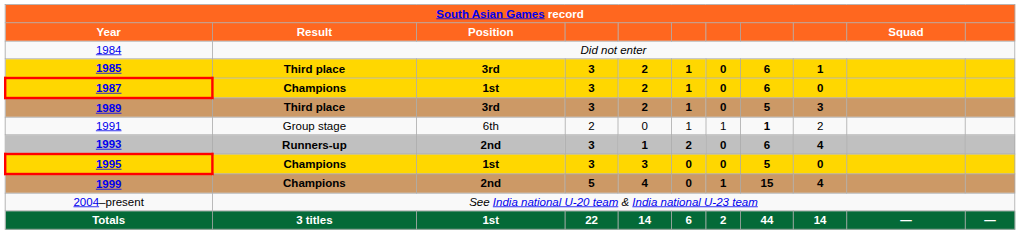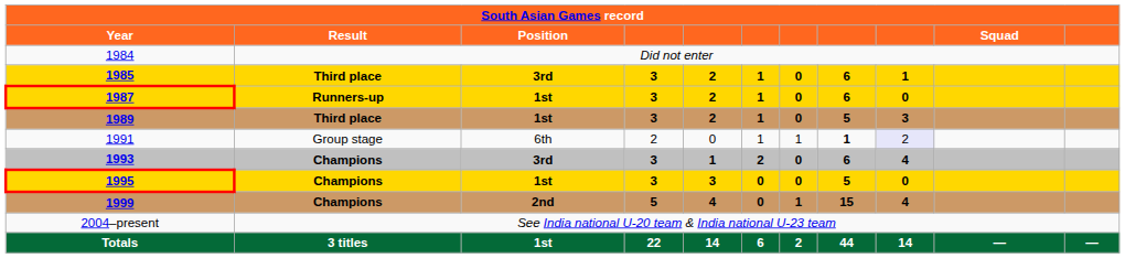 <table class="wikitable" style="font-size:90%; text-align:center;" width="100%" class="wikitable">
 <tr>
 <th colspan=11 style="background:#FF671F; color:white; "><a href='#'>South Asian Games</a> record</th>
 </tr>
 <tr>
 <th style="background:#FF671F; color:white; ">Year</th>
 <th style="background:#FF671F; color:white; ">Result</th>
 <th style="background:#FF671F; color:white; ">Position</th>
 <th style="background:#FF671F; color:white; "></th>
 <th style="background:#FF671F; color:white; "></th>
 <th style="background:#FF671F; color:white; "></th>
 <th style="background:#FF671F; color:white; "></th>
 <th style="background:#FF671F; color:white; "></th>
 <th style="background:#FF671F; color:white; "></th>
 <th style="background:#FF671F; color:white; ">Squad</th>
 <th style="background:#FF671F; color:white; "></th>
 </tr>
 <tr>
 <td> <a href='#'>1984</a></td>
 <td colspan=10><em>Did not enter</em></td>
 </tr>
 <tr style="background:gold;">
 <td> <strong><a href='#'>1985</a></strong></td>
 <td><strong>Third place</strong></td>
 <td><strong>3rd</strong></td>
 <td><strong>3</strong></td>
 <td><strong>2</strong></td>
 <td><strong>1</strong></td>
 <td><strong>0</strong></td>
 <td><strong>6</strong></td>
 <td><strong>1</strong></td>
 <td></td>
 <td></td>
 </tr>
 <tr style="background:gold;">
 <td style="border:3px solid red"> <strong><a href='#'>1987</a></strong></td>
-<td><strong>Champions</strong></td>
+<td><strong>Runners-up</strong></td>
 <td><strong>1st</strong></td>
 <td><strong>3</strong></td>
 <td><strong>2</strong></td>
 <td><strong>1</strong></td>
 <td><strong>0</strong></td>
 <td><strong>6</strong></td>
 <td><strong>0</strong></td>
 <td></td>
 <td></td>
 </tr>
 <tr style="background:#c96">
 <td> <strong><a href='#'>1989</a></strong></td>
 <td><strong>Third place</strong></td>
-<td><strong>3rd</strong></td>
+<td><strong>1st</strong></td>
 <td><strong>3</strong></td>
 <td><strong>2</strong></td>
 <td><strong>1</strong></td>
 <td><strong>0</strong></td>
 <td><strong>5</strong></td>
 <td><strong>3</strong></td>
 <td></td>
 <td></td>
 </tr>
 <tr>
 <td> <a href='#'>1991</a></td>
 <td>Group stage</td>
 <td>6th</td>
 <td>2</td>
 <td>0</td>
 <td>1</td>
 <td>1</td>
 <td><strong>1</strong></td>
-<td>2</td>
+<td style="background: lavender;">2</td>
 <td></td>
 <td></td>
 </tr>
 <tr style="background:silver;">
 <td> <strong><a href='#'>1993</a></strong></td>
-<td><strong>Runners-up</strong></td>
-<td><strong>2nd</strong></td>
+<td><strong>Champions</strong></td>
+<td><strong>3rd</strong></td>
 <td><strong>3</strong></td>
 <td><strong>1</strong></td>
 <td><strong>2</strong></td>
 <td><strong>0</strong></td>
 <td><strong>6</strong></td>
 <td><strong>4</strong></td>
 <td></td>
 <td></td>
 </tr>
 <tr style="background:gold;">
 <td style="border: 3px solid red"> <strong><a href='#'>1995</a></strong></td>
 <td><strong>Champions</strong></td>
 <td><strong>1st</strong></td>
 <td><strong>3</strong></td>
 <td><strong>3</strong></td>
 <td><strong>0</strong></td>
 <td><strong>0</strong></td>
 <td><strong>5</strong></td>
 <td><strong>0</strong></td>
 <td></td>
 <td></td>
 </tr>
 <tr style="background:#c96;">
 <td> <strong><a href='#'>1999</a></strong></td>
 <td><strong>Champions</strong></td>
 <td><strong>2nd</strong></td>
 <td><strong>5</strong></td>
 <td><strong>4</strong></td>
 <td><strong>0</strong></td>
 <td><strong>1</strong></td>
 <td><strong>15</strong></td>
 <td><strong>4</strong></td>
 <td></td>
 <td></td>
 </tr>
 <tr>
 <td> <a href='#'>2004</a>–present</td>
 <td colspan=10><em>See <a href='#'>India national U-20 team</a> & <a href='#'>India national U-23 team</a></em></td>
 </tr>
 <tr>
 <th style="background:#046A38; color:white; "><strong>Totals</strong></th>
 <th style="background:#046A38; color:white; ">3 titles</th>
 <th style="background:#046A38; color:white; ">1st</th>
 <th style="background:#046A38; color:white; ">22</th>
 <th style="background:#046A38; color:white; ">14</th>
 <th style="background:#046A38; color:white; ">6</th>
 <th style="background:#046A38; color:white; ">2</th>
 <th style="background:#046A38; color:white; ">44</th>
 <th style="background:#046A38; color:white; ">14</th>
 <th style="background:#046A38; color:white; ">—</th>
 <th style="background:#046A38; color:white; ">—</th>
 </tr>
 </table>
